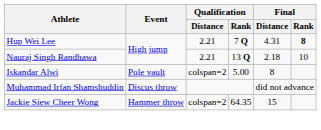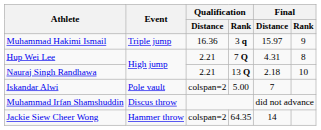 <table class="wikitable" style="font-size:90%">
 <tr>
 <th rowspan=2>Athlete</th>
 <th rowspan=2>Event</th>
 <th colspan=2>Qualification</th>
 <th colspan=2>Final</th>
 </tr>
 <tr style="font-size:95%">
 <th>Distance</th>
 <th>Rank</th>
 <th>Distance</th>
 <th>Rank</th>
 </tr>
 <tr align=center>
+<td align=left><a href='#'>Muhammad Hakimi Ismail</a></td>
+<td style="text-align:left;"><a href='#'>Triple jump</a></td>
+<td>16.36</td>
+<td>3 <strong>q</strong></td>
+<td>15.97</td>
+<td>9</td>
+</tr>
+<tr align=center>
 <td align=left><a href='#'>Hup Wei Lee</a></td>
 <td style="text-align:left;" rowspan=2><a href='#'>High jump</a></td>
 <td>2.21</td>
 <td>7 <strong>Q</strong></td>
 <td>4.31</td>
-<td><strong>8</strong></td>
+<td>8</td>
 </tr>
 <tr align=center>
 <td align=left><a href='#'>Nauraj Singh Randhawa</a></td>
 <td>2.21</td>
 <td>13 <strong>Q</strong></td>
 <td>2.18</td>
 <td>10</td>
 </tr>
 <tr align=center>
 <td align=left><a href='#'>Iskandar Alwi</a></td>
 <td style="text-align:left;"><a href='#'>Pole vault</a></td>
 <td>colspan=2</td>
 <td>5.00</td>
-<td>8</td>
+<td>7</td>
 </tr>
 <tr align=center>
 <td align=left><a href='#'>Muhammad Irfan Shamshuddin</a></td>
 <td style="text-align:left;"><a href='#'>Discus throw</a></td>
 <td colspan=2></td>
 <td colspan=2>did not advance</td>
 </tr>
 <tr align=center>
 <td align=left><a href='#'>Jackie Siew Cheer Wong</a></td>
 <td style="text-align:left;"><a href='#'>Hammer throw</a></td>
 <td>colspan=2</td>
 <td>64.35</td>
-<td>15</td>
+<td>14</td>
 </tr>
 </table>
